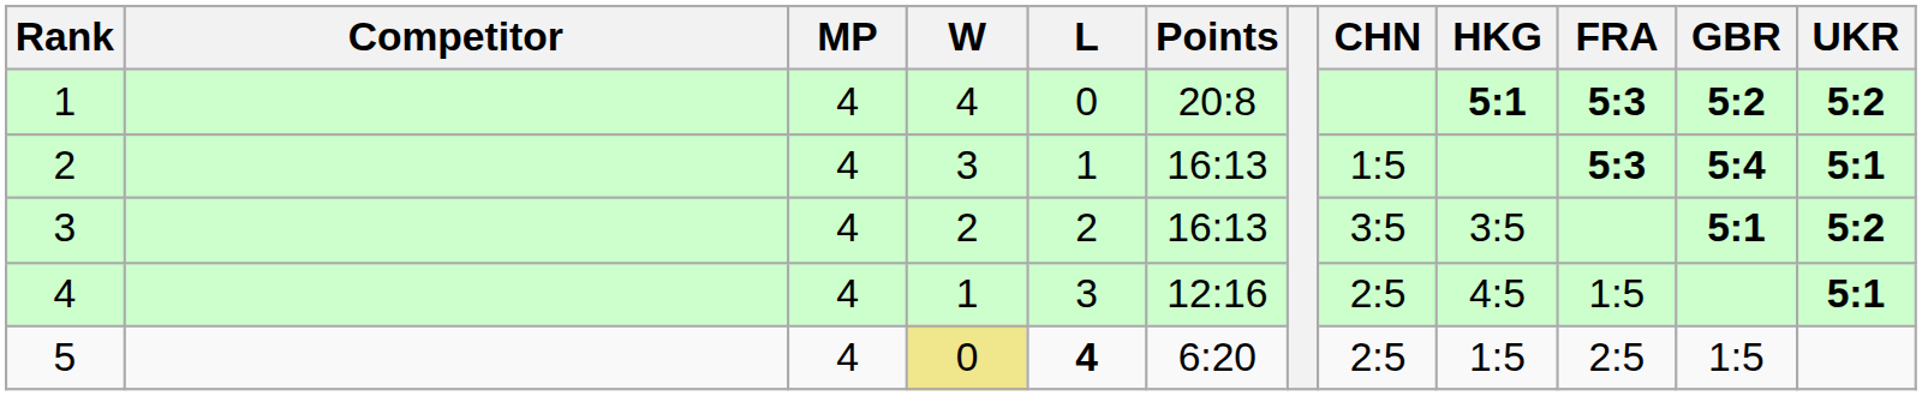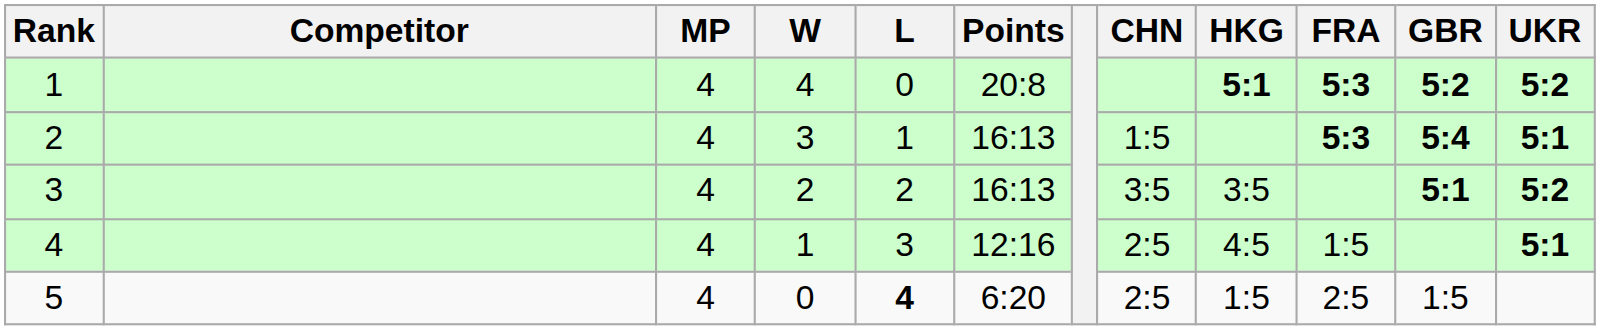 <table class="wikitable" style="text-align:center">
 <tr>
 <th>Rank</th>
 <th style="width:16em">Competitor</th>
 <th style="width:2.5em">MP</th>
 <th style="width:2.5em">W</th>
 <th style="width:2.5em">L</th>
 <th>Points</th>
 <th rowspan="6"> </th>
 <th style="width:2.5em">CHN</th>
 <th style="width:2.5em">HKG</th>
 <th style="width:2.5em">FRA</th>
 <th style="width:2.5em">GBR</th>
 <th style="width:2.5em">UKR</th>
 </tr>
 <tr style="background:#cfc;">
 <td>1</td>
 <td style="text-align:left"></td>
 <td>4</td>
 <td>4</td>
 <td>0</td>
 <td>20:8</td>
 <td></td>
 <td><strong>5:1</strong></td>
 <td><strong>5:3</strong></td>
 <td><strong>5:2</strong></td>
 <td><strong>5:2</strong></td>
 </tr>
 <tr style="background:#cfc;">
 <td>2</td>
 <td style="text-align:left"></td>
 <td>4</td>
 <td>3</td>
 <td>1</td>
 <td>16:13</td>
 <td>1:5</td>
 <td></td>
 <td><strong>5:3</strong></td>
 <td><strong>5:4</strong></td>
 <td><strong>5:1</strong></td>
 </tr>
 <tr style="background:#cfc;">
 <td>3</td>
 <td style="text-align:left"></td>
 <td>4</td>
 <td>2</td>
 <td>2</td>
 <td>16:13</td>
 <td>3:5</td>
 <td>3:5</td>
 <td></td>
 <td><strong>5:1</strong></td>
 <td><strong>5:2</strong></td>
 </tr>
 <tr style="background:#cfc;">
 <td>4</td>
 <td style="text-align:left"></td>
 <td>4</td>
 <td>1</td>
 <td>3</td>
 <td>12:16</td>
 <td>2:5</td>
 <td>4:5</td>
 <td>1:5</td>
 <td></td>
 <td><strong>5:1</strong></td>
 </tr>
 <tr>
 <td>5</td>
 <td style="text-align:left"></td>
 <td>4</td>
-<td style="background: khaki;">0</td>
+<td>0</td>
 <td><strong>4</strong></td>
 <td>6:20</td>
 <td>2:5</td>
 <td>1:5</td>
 <td>2:5</td>
 <td>1:5</td>
 <td></td>
 </tr>
 </table>
